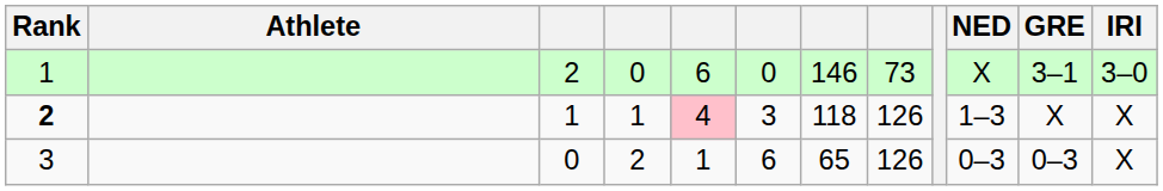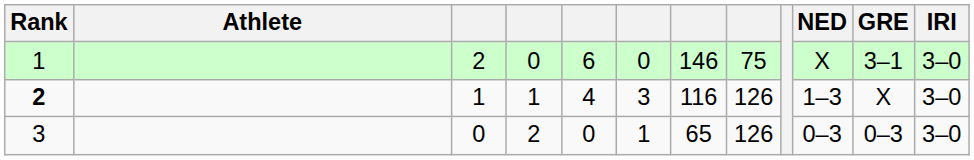 <table class="wikitable" style="text-align:center">
 <tr>
 <th>Rank</th>
 <th width=250>Athlete</th>
 <th width=30></th>
 <th width=30></th>
 <th width=30></th>
 <th width=30></th>
 <th width=30></th>
 <th width=30></th>
 <th rowspan=4></th>
 <th width=30>NED</th>
 <th width=30>GRE</th>
 <th width=30>IRI</th>
 </tr>
 <tr bgcolor=#ccffcc>
 <td>1</td>
 <td align=left></td>
 <td>2</td>
 <td>0</td>
 <td>6</td>
 <td>0</td>
 <td>146</td>
-<td>73</td>
+<td>75</td>
 <td>X</td>
 <td>3–1</td>
 <td>3–0</td>
 </tr>
 <tr>
 <td><strong>2</strong></td>
 <td align=left></td>
 <td>1</td>
 <td>1</td>
-<td style="background: pink;">4</td>
+<td>4</td>
 <td>3</td>
-<td>118</td>
+<td>116</td>
 <td>126</td>
 <td>1–3</td>
 <td>X</td>
-<td>X</td>
+<td>3–0</td>
 </tr>
 <tr>
 <td>3</td>
 <td align=left></td>
 <td>0</td>
 <td>2</td>
+<td>0</td>
 <td>1</td>
-<td>6</td>
 <td>65</td>
 <td>126</td>
 <td>0–3</td>
 <td>0–3</td>
-<td>X</td>
+<td>3–0</td>
 </tr>
 </table>
